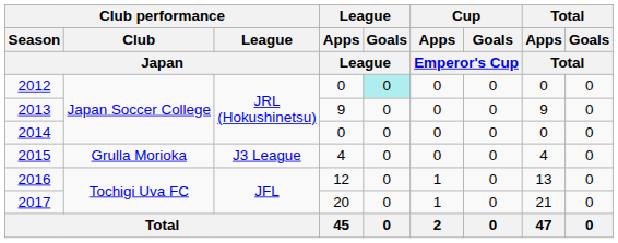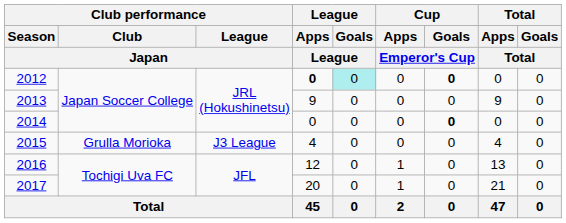 <table class="wikitable" style="text-align:center;">
 <tr>
 <th colspan=3>Club performance</th>
 <th colspan=2>League</th>
 <th colspan=2>Cup</th>
 <th colspan=2>Total</th>
 </tr>
 <tr>
 <th>Season</th>
 <th>Club</th>
 <th>League</th>
 <th>Apps</th>
 <th>Goals</th>
 <th>Apps</th>
 <th>Goals</th>
 <th>Apps</th>
 <th>Goals</th>
 </tr>
 <tr>
 <th colspan=3>Japan</th>
 <th colspan=2>League</th>
 <th colspan=2><a href='#'>Emperor's Cup</a></th>
 <th colspan=2>Total</th>
 </tr>
 <tr>
 <td><a href='#'>2012</a></td>
 <td rowspan="3"><a href='#'>Japan Soccer College</a></td>
 <td rowspan="3"><a href='#'>JRL<br>(Hokushinetsu)</a></td>
-<td>0</td>
+<td><strong>0</strong></td>
 <td style="background: paleturquoise;">0</td>
 <td>0</td>
-<td>0</td>
+<td><strong>0</strong></td>
 <td>0</td>
 <td>0</td>
 </tr>
 <tr>
 <td><a href='#'>2013</a></td>
 <td>9</td>
 <td>0</td>
 <td>0</td>
 <td>0</td>
 <td>9</td>
 <td>0</td>
 </tr>
 <tr>
 <td><a href='#'>2014</a></td>
 <td>0</td>
 <td>0</td>
 <td>0</td>
-<td>0</td>
+<td><strong>0</strong></td>
 <td>0</td>
 <td>0</td>
 </tr>
 <tr>
 <td><a href='#'>2015</a></td>
 <td><a href='#'>Grulla Morioka</a></td>
 <td><a href='#'>J3 League</a></td>
 <td>4</td>
 <td>0</td>
 <td>0</td>
 <td>0</td>
 <td>4</td>
 <td>0</td>
 </tr>
 <tr>
 <td><a href='#'>2016</a></td>
 <td rowspan="2"><a href='#'>Tochigi Uva FC</a></td>
 <td rowspan="2"><a href='#'>JFL</a></td>
 <td>12</td>
 <td>0</td>
 <td>1</td>
 <td>0</td>
 <td>13</td>
 <td>0</td>
 </tr>
 <tr>
 <td><a href='#'>2017</a></td>
 <td>20</td>
 <td>0</td>
 <td>1</td>
 <td>0</td>
 <td>21</td>
 <td>0</td>
 </tr>
 <tr>
 <th colspan=3>Total</th>
 <th>45</th>
 <th>0</th>
 <th>2</th>
 <th>0</th>
 <th>47</th>
 <th>0</th>
 </tr>
 </table>
